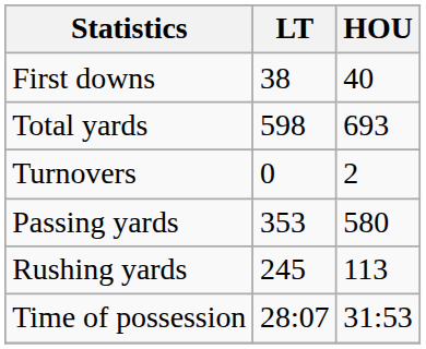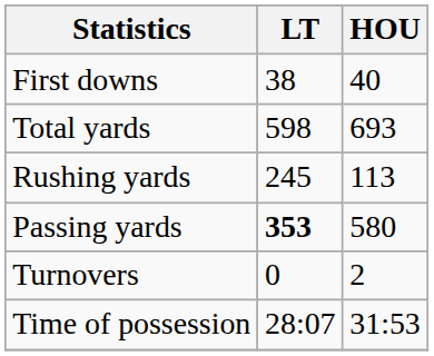 <table class="wikitable">
 <tr>
 <th>Statistics</th>
 <th>LT</th>
 <th>HOU</th>
 </tr>
 <tr>
 <td>First downs</td>
 <td>38</td>
 <td>40</td>
 </tr>
 <tr>
 <td>Total yards</td>
 <td>598</td>
 <td>693</td>
 </tr>
 <tr>
+<td>Rushing yards</td>
+<td>245</td>
+<td>113</td>
+</tr>
+<tr>
+<td>Passing yards</td>
+<td><strong>353</strong></td>
+<td>580</td>
+</tr>
+<tr>
 <td>Turnovers</td>
 <td>0</td>
 <td>2</td>
-</tr>
-<tr>
-<td>Passing yards</td>
-<td>353</td>
-<td>580</td>
-</tr>
-<tr>
-<td>Rushing yards</td>
-<td>245</td>
-<td>113</td>
 </tr>
 <tr>
 <td>Time of possession</td>
 <td>28:07</td>
 <td>31:53</td>
 </tr>
 <tr>
 </tr>
 </table>
